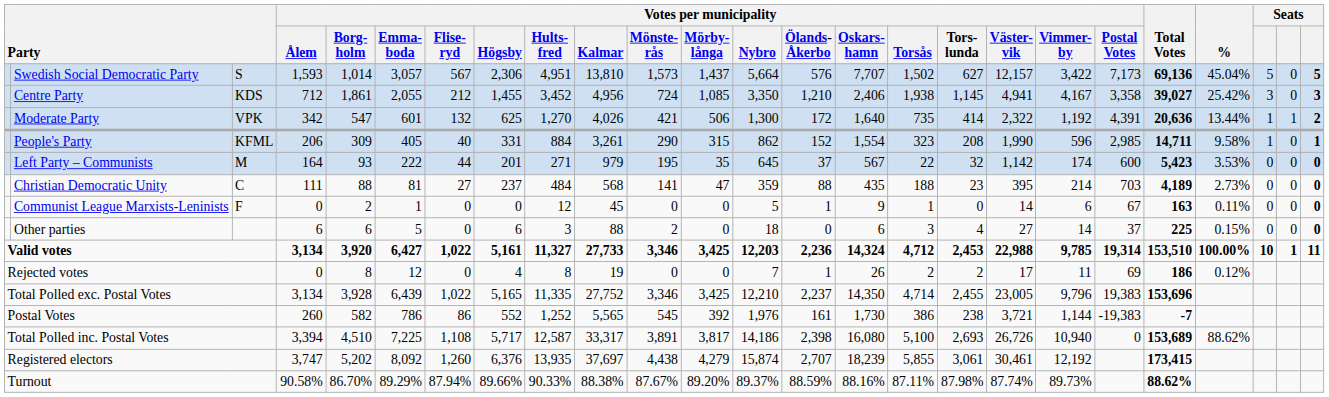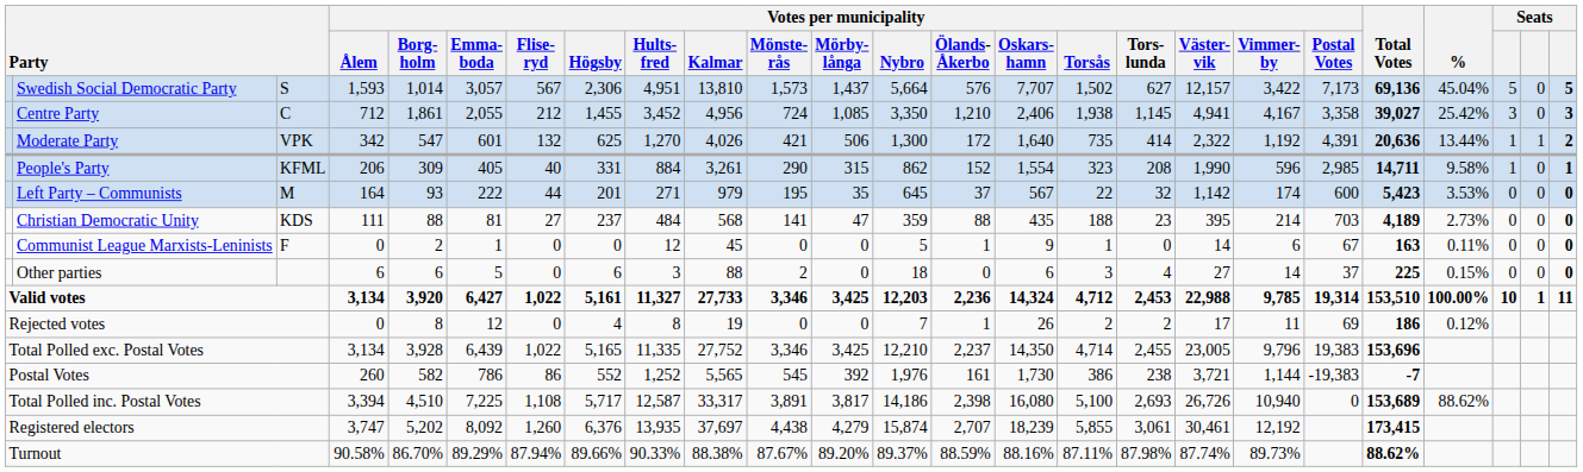 <table class="wikitable" border="1" style="text-align:right;">
 <tr>
 <th style="text-align:left;" valign=bottom rowspan=2 colspan=3>Party</th>
 <th colspan=17>Votes per municipality</th>
 <th align=center valign=bottom rowspan=2 width="50">Total Votes</th>
 <th align=center valign=bottom rowspan=2 width="50">%</th>
 <th colspan=3>Seats</th>
 </tr>
 <tr>
 <th align=center valign=bottom width="50"><a href='#'>Ålem</a></th>
 <th align=center valign=bottom width="50"><a href='#'>Borg- holm</a></th>
 <th align=center valign=bottom width="50"><a href='#'>Emma- boda</a></th>
 <th align=center valign=bottom width="50"><a href='#'>Flise- ryd</a></th>
 <th align=center valign=bottom width="50"><a href='#'>Högsby</a></th>
 <th align=center valign=bottom width="50"><a href='#'>Hults- fred</a></th>
 <th align=center valign=bottom width="50"><a href='#'>Kalmar</a></th>
 <th align=center valign=bottom width="50"><a href='#'>Mönste- rås</a></th>
 <th align=center valign=bottom width="50"><a href='#'>Mörby- långa</a></th>
 <th align=center valign=bottom width="50"><a href='#'>Nybro</a></th>
 <th align=center valign=bottom width="50"><a href='#'>Ölands</a>- <a href='#'>Åkerbo</a></th>
 <th align=center valign=bottom width="50"><a href='#'>Oskars- hamn</a></th>
 <th align=center valign=bottom width="50"><a href='#'>Torsås</a></th>
 <th align=center valign=bottom width="50">Tors- lunda</th>
 <th align=center valign=bottom width="50"><a href='#'>Väster- vik</a></th>
 <th align=center valign=bottom width="50"><a href='#'>Vimmer- by</a></th>
 <th align=center valign=bottom width="50"><a href='#'>Postal Votes</a></th>
 <th align=center valign=bottom width="20"><small></small></th>
 <th align=center valign=bottom width="20"><small><a href='#'></a></small></th>
 <th align=center valign=bottom width="20"><small></small></th>
 </tr>
 <tr style="background:#CEE0F2;">
 <td></td>
 <td align=left style="white-space: nowrap;"><a href='#'>Swedish Social Democratic Party</a></td>
 <td align=left>S</td>
 <td>1,593</td>
 <td>1,014</td>
 <td>3,057</td>
 <td>567</td>
 <td>2,306</td>
 <td>4,951</td>
 <td>13,810</td>
 <td>1,573</td>
 <td>1,437</td>
 <td>5,664</td>
 <td>576</td>
 <td>7,707</td>
 <td>1,502</td>
 <td>627</td>
 <td>12,157</td>
 <td>3,422</td>
 <td>7,173</td>
 <td><strong>69,136</strong></td>
 <td>45.04%</td>
 <td>5</td>
 <td>0</td>
 <td><strong>5</strong></td>
 </tr>
 <tr style="background:#CEE0F2;">
 <td></td>
 <td align=left><a href='#'>Centre Party</a></td>
-<td align=left>KDS</td>
+<td align=left>C</td>
 <td>712</td>
 <td>1,861</td>
 <td>2,055</td>
 <td>212</td>
 <td>1,455</td>
 <td>3,452</td>
 <td>4,956</td>
 <td>724</td>
 <td>1,085</td>
 <td>3,350</td>
 <td>1,210</td>
 <td>2,406</td>
 <td>1,938</td>
 <td>1,145</td>
 <td>4,941</td>
 <td>4,167</td>
 <td>3,358</td>
 <td><strong>39,027</strong></td>
 <td>25.42%</td>
 <td>3</td>
 <td>0</td>
 <td><strong>3</strong></td>
 </tr>
 <tr style="background:#CEE0F2;">
 <td></td>
 <td align=left><a href='#'>Moderate Party</a></td>
 <td align=left>VPK</td>
 <td>342</td>
 <td>547</td>
 <td>601</td>
 <td>132</td>
 <td>625</td>
 <td>1,270</td>
 <td>4,026</td>
 <td>421</td>
 <td>506</td>
 <td>1,300</td>
 <td>172</td>
 <td>1,640</td>
 <td>735</td>
 <td>414</td>
 <td>2,322</td>
 <td>1,192</td>
 <td>4,391</td>
 <td><strong>20,636</strong></td>
 <td>13.44%</td>
 <td>1</td>
 <td>1</td>
 <td><strong>2</strong></td>
 </tr>
 <tr style="background:#CEE0F2; border-top:3px solid darkgray;">
 <td></td>
 <td align=left><a href='#'>People's Party</a></td>
 <td align=left>KFML</td>
 <td>206</td>
 <td>309</td>
 <td>405</td>
 <td>40</td>
 <td>331</td>
 <td>884</td>
 <td>3,261</td>
 <td>290</td>
 <td>315</td>
 <td>862</td>
 <td>152</td>
 <td>1,554</td>
 <td>323</td>
 <td>208</td>
 <td>1,990</td>
 <td>596</td>
 <td>2,985</td>
 <td><strong>14,711</strong></td>
 <td>9.58%</td>
 <td>1</td>
 <td>0</td>
 <td><strong>1</strong></td>
 </tr>
 <tr style="background:#CEE0F2;">
 <td></td>
 <td align=left><a href='#'>Left Party – Communists</a></td>
 <td align=left>M</td>
 <td>164</td>
 <td>93</td>
 <td>222</td>
 <td>44</td>
 <td>201</td>
 <td>271</td>
 <td>979</td>
 <td>195</td>
 <td>35</td>
 <td>645</td>
 <td>37</td>
 <td>567</td>
 <td>22</td>
 <td>32</td>
 <td>1,142</td>
 <td>174</td>
 <td>600</td>
 <td><strong>5,423</strong></td>
 <td>3.53%</td>
 <td>0</td>
 <td>0</td>
 <td><strong>0</strong></td>
 </tr>
 <tr>
 <td></td>
 <td align=left><a href='#'>Christian Democratic Unity</a></td>
-<td align=left>C</td>
+<td align=left>KDS</td>
 <td>111</td>
 <td>88</td>
 <td>81</td>
 <td>27</td>
 <td>237</td>
 <td>484</td>
 <td>568</td>
 <td>141</td>
 <td>47</td>
 <td>359</td>
 <td>88</td>
 <td>435</td>
 <td>188</td>
 <td>23</td>
 <td>395</td>
 <td>214</td>
 <td>703</td>
 <td><strong>4,189</strong></td>
 <td>2.73%</td>
 <td>0</td>
 <td>0</td>
 <td><strong>0</strong></td>
 </tr>
 <tr>
 <td></td>
 <td align=left><a href='#'>Communist League Marxists-Leninists</a></td>
 <td align=left>F</td>
 <td>0</td>
 <td>2</td>
 <td>1</td>
 <td>0</td>
 <td>0</td>
 <td>12</td>
 <td>45</td>
 <td>0</td>
 <td>0</td>
 <td>5</td>
 <td>1</td>
 <td>9</td>
 <td>1</td>
 <td>0</td>
 <td>14</td>
 <td>6</td>
 <td>67</td>
 <td><strong>163</strong></td>
 <td>0.11%</td>
 <td>0</td>
 <td>0</td>
 <td><strong>0</strong></td>
 </tr>
 <tr>
 <td></td>
 <td align=left>Other parties</td>
 <td></td>
 <td>6</td>
 <td>6</td>
 <td>5</td>
 <td>0</td>
 <td>6</td>
 <td>3</td>
 <td>88</td>
 <td>2</td>
 <td>0</td>
 <td>18</td>
 <td>0</td>
 <td>6</td>
 <td>3</td>
 <td>4</td>
 <td>27</td>
 <td>14</td>
 <td>37</td>
 <td><strong>225</strong></td>
 <td>0.15%</td>
 <td>0</td>
 <td>0</td>
 <td><strong>0</strong></td>
 </tr>
 <tr style="font-weight:bold">
 <td align=left colspan=3>Valid votes</td>
 <td>3,134</td>
 <td>3,920</td>
 <td>6,427</td>
 <td>1,022</td>
 <td>5,161</td>
 <td>11,327</td>
 <td>27,733</td>
 <td>3,346</td>
 <td>3,425</td>
 <td>12,203</td>
 <td>2,236</td>
 <td>14,324</td>
 <td>4,712</td>
 <td>2,453</td>
 <td>22,988</td>
 <td>9,785</td>
 <td>19,314</td>
 <td>153,510</td>
 <td>100.00%</td>
 <td>10</td>
 <td>1</td>
 <td>11</td>
 </tr>
 <tr>
 <td align=left colspan=3>Rejected votes</td>
 <td>0</td>
 <td>8</td>
 <td>12</td>
 <td>0</td>
 <td>4</td>
 <td>8</td>
 <td>19</td>
 <td>0</td>
 <td>0</td>
 <td>7</td>
 <td>1</td>
 <td>26</td>
 <td>2</td>
 <td>2</td>
 <td>17</td>
 <td>11</td>
 <td>69</td>
 <td><strong>186</strong></td>
 <td>0.12%</td>
 <td></td>
 <td></td>
 <td></td>
 </tr>
 <tr>
 <td align=left colspan=3>Total Polled exc. Postal Votes</td>
 <td>3,134</td>
 <td>3,928</td>
 <td>6,439</td>
 <td>1,022</td>
 <td>5,165</td>
 <td>11,335</td>
 <td>27,752</td>
 <td>3,346</td>
 <td>3,425</td>
 <td>12,210</td>
 <td>2,237</td>
 <td>14,350</td>
 <td>4,714</td>
 <td>2,455</td>
 <td>23,005</td>
 <td>9,796</td>
 <td>19,383</td>
 <td><strong>153,696</strong></td>
 <td></td>
 <td></td>
 <td></td>
 <td></td>
 </tr>
 <tr>
 <td align=left colspan=3>Postal Votes</td>
 <td>260</td>
 <td>582</td>
 <td>786</td>
 <td>86</td>
 <td>552</td>
 <td>1,252</td>
 <td>5,565</td>
 <td>545</td>
 <td>392</td>
 <td>1,976</td>
 <td>161</td>
 <td>1,730</td>
 <td>386</td>
 <td>238</td>
 <td>3,721</td>
 <td>1,144</td>
 <td>-19,383</td>
 <td><strong>-7</strong></td>
 <td></td>
 <td></td>
 <td></td>
 <td></td>
 </tr>
 <tr>
 <td align=left colspan=3>Total Polled inc. Postal Votes</td>
 <td>3,394</td>
 <td>4,510</td>
 <td>7,225</td>
 <td>1,108</td>
 <td>5,717</td>
 <td>12,587</td>
 <td>33,317</td>
 <td>3,891</td>
 <td>3,817</td>
 <td>14,186</td>
 <td>2,398</td>
 <td>16,080</td>
 <td>5,100</td>
 <td>2,693</td>
 <td>26,726</td>
 <td>10,940</td>
 <td>0</td>
 <td><strong>153,689</strong></td>
 <td>88.62%</td>
 <td></td>
 <td></td>
 <td></td>
 </tr>
 <tr>
 <td align=left colspan=3>Registered electors</td>
 <td>3,747</td>
 <td>5,202</td>
 <td>8,092</td>
 <td>1,260</td>
 <td>6,376</td>
 <td>13,935</td>
 <td>37,697</td>
 <td>4,438</td>
 <td>4,279</td>
 <td>15,874</td>
 <td>2,707</td>
 <td>18,239</td>
 <td>5,855</td>
 <td>3,061</td>
 <td>30,461</td>
 <td>12,192</td>
 <td></td>
 <td><strong>173,415</strong></td>
 <td></td>
 <td></td>
 <td></td>
 <td></td>
 </tr>
 <tr>
 <td align=left colspan=3>Turnout</td>
 <td>90.58%</td>
 <td>86.70%</td>
 <td>89.29%</td>
 <td>87.94%</td>
 <td>89.66%</td>
 <td>90.33%</td>
 <td>88.38%</td>
 <td>87.67%</td>
 <td>89.20%</td>
 <td>89.37%</td>
 <td>88.59%</td>
 <td>88.16%</td>
 <td>87.11%</td>
 <td>87.98%</td>
 <td>87.74%</td>
 <td>89.73%</td>
 <td></td>
 <td><strong>88.62%</strong></td>
 <td></td>
 <td></td>
 <td></td>
 <td></td>
 </tr>
 </table>
